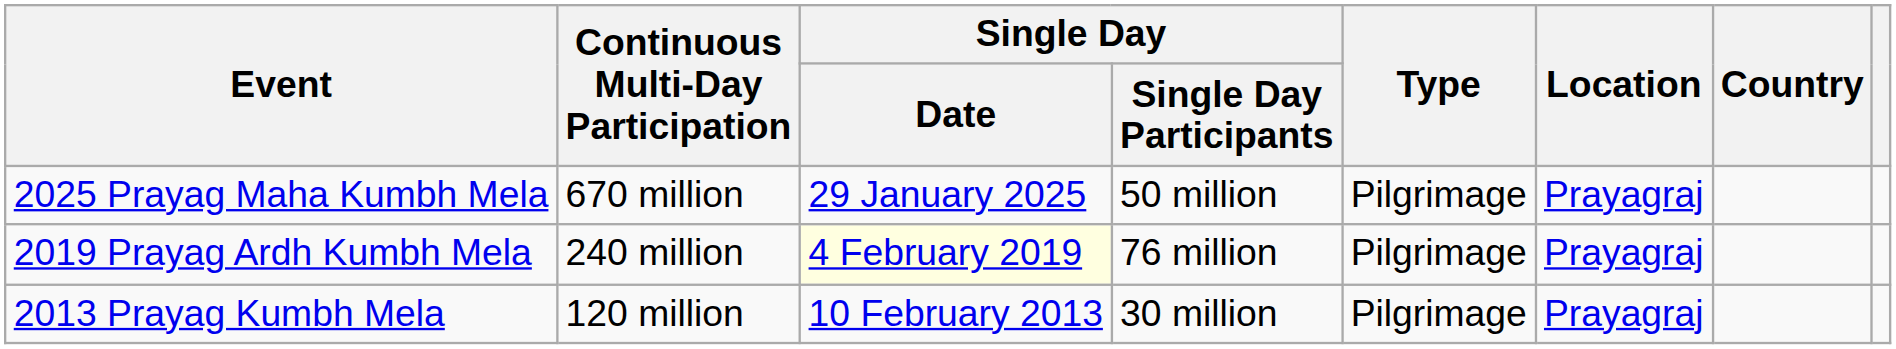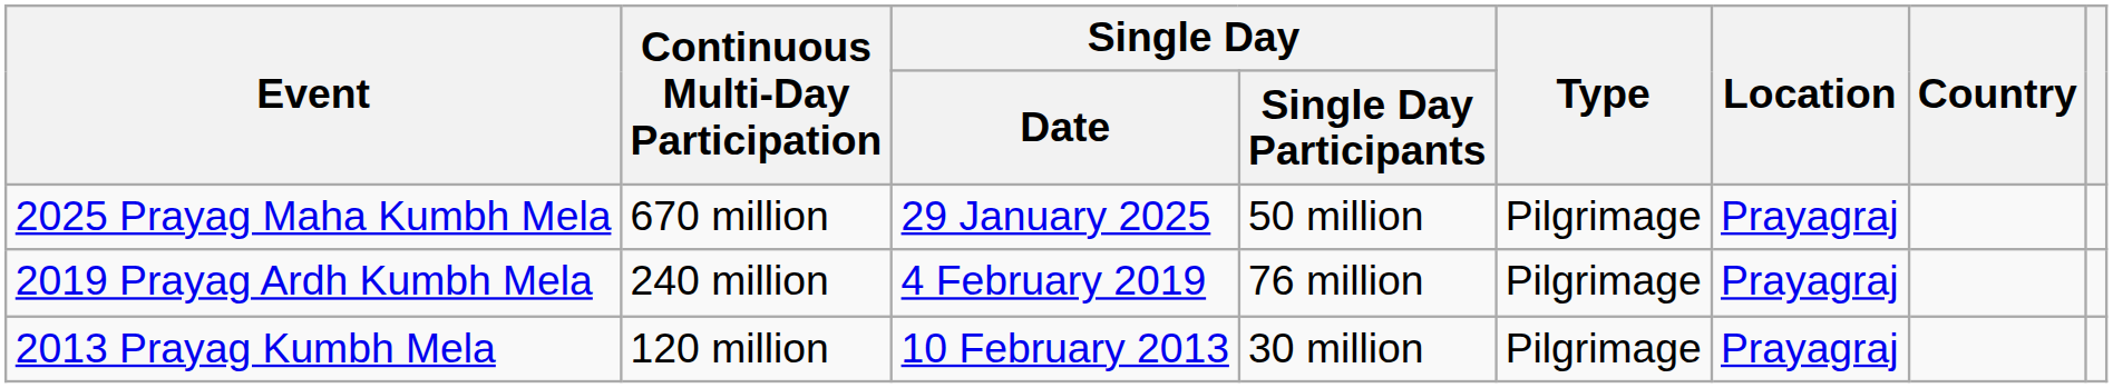 <table class="wikitable sortable sticky-header">
 <tr>
 <th rowspan="2">Event</th>
 <th rowspan="2">Continuous<br>Multi-Day<br>Participation</th>
 <th colspan="2">Single Day</th>
 <th rowspan="2">Type</th>
 <th rowspan="2">Location</th>
 <th rowspan="2">Country</th>
 <th rowspan="2"; class="unsortable"></th>
 </tr>
 <tr>
 <th data-sort-type="date">Date</th>
 <th>Single Day<br>Participants</th>
 </tr>
 <tr>
 <td><a href='#'>2025 Prayag Maha Kumbh Mela</a></td>
 <td>670 million</td>
 <td><a href='#'>29 January 2025</a></td>
 <td>50 million</td>
 <td>Pilgrimage</td>
 <td><a href='#'>Prayagraj</a></td>
 <td></td>
 <td></td>
 </tr>
 <tr>
 <td><a href='#'>2019 Prayag Ardh Kumbh Mela</a></td>
 <td>240 million</td>
-<td style="background: lightyellow;"><a href='#'>4 February 2019</a></td>
+<td><a href='#'>4 February 2019</a></td>
 <td>76 million</td>
 <td>Pilgrimage</td>
 <td><a href='#'>Prayagraj</a></td>
 <td></td>
 <td></td>
 </tr>
 <tr>
 <td><a href='#'>2013 Prayag Kumbh Mela</a></td>
 <td>120 million</td>
 <td><a href='#'>10 February 2013</a></td>
 <td>30 million</td>
 <td>Pilgrimage</td>
 <td><a href='#'>Prayagraj</a></td>
 <td></td>
 <td></td>
 </tr>
 </table>
